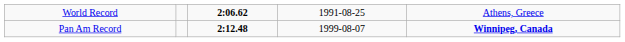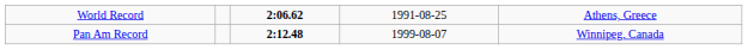 <table class="wikitable" style=" text-align:center; font-size:95%;" width="75%">
 <tr>
 <td><a href='#'>World Record</a></td>
 <td></td>
 <td><strong>2:06.62</strong></td>
 <td>1991-08-25</td>
 <td> <a href='#'>Athens, Greece</a></td>
 </tr>
 <tr>
 <td><a href='#'>Pan Am Record</a></td>
 <td></td>
 <td><strong>2:12.48</strong></td>
 <td>1999-08-07</td>
-<td><strong> <a href='#'>Winnipeg, Canada</a></strong></td>
+<td> <a href='#'>Winnipeg, Canada</a></td>
 </tr>
 </table>
